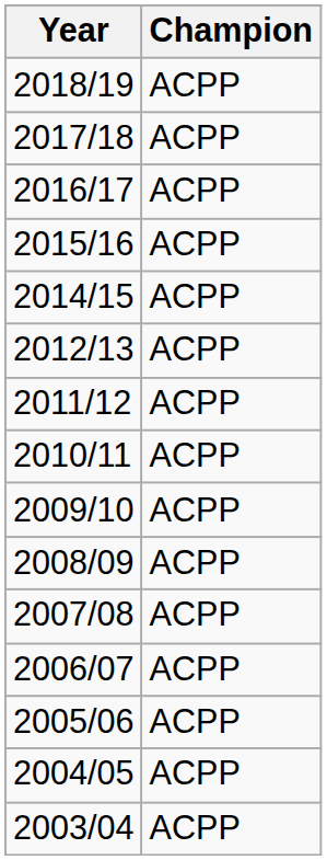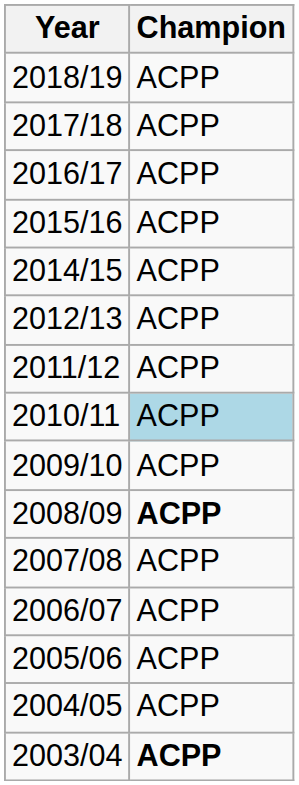 <table class="wikitable">
 <tr>
 <th>Year</th>
 <th>Champion</th>
 </tr>
 <tr>
 <td>2018/19</td>
 <td>ACPP</td>
 </tr>
 <tr>
 <td>2017/18</td>
 <td>ACPP</td>
 </tr>
 <tr>
 <td>2016/17</td>
 <td>ACPP</td>
 </tr>
 <tr>
 <td>2015/16</td>
 <td>ACPP</td>
 </tr>
 <tr>
 <td>2014/15</td>
 <td>ACPP</td>
 </tr>
 <tr>
 <td>2012/13</td>
 <td>ACPP</td>
 </tr>
 <tr>
 <td>2011/12</td>
 <td>ACPP</td>
 </tr>
 <tr>
 <td>2010/11</td>
-<td>ACPP</td>
+<td style="background: lightblue;">ACPP</td>
 </tr>
 <tr>
 <td>2009/10</td>
 <td>ACPP</td>
 </tr>
 <tr>
 <td>2008/09</td>
-<td>ACPP</td>
+<td><strong>ACPP</strong></td>
 </tr>
 <tr>
 <td>2007/08</td>
 <td>ACPP</td>
 </tr>
 <tr>
 <td>2006/07</td>
 <td>ACPP</td>
 </tr>
 <tr>
 <td>2005/06</td>
 <td>ACPP</td>
 </tr>
 <tr>
 <td>2004/05</td>
 <td>ACPP</td>
 </tr>
 <tr>
 <td>2003/04</td>
-<td>ACPP</td>
+<td><strong>ACPP</strong></td>
 </tr>
 </table>
